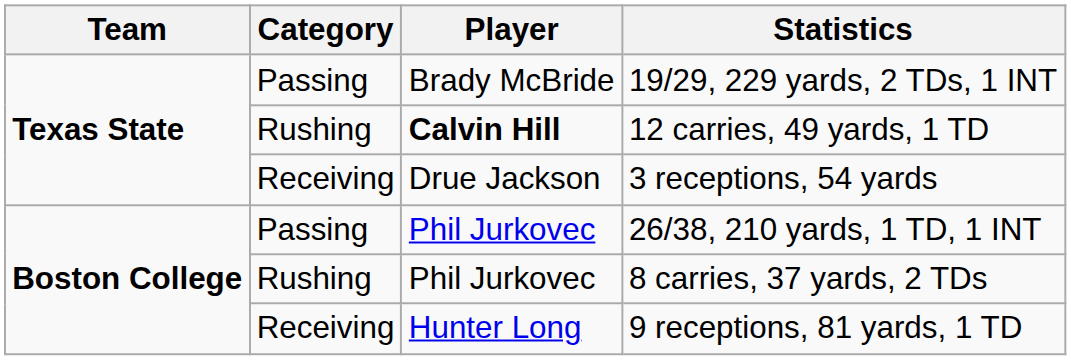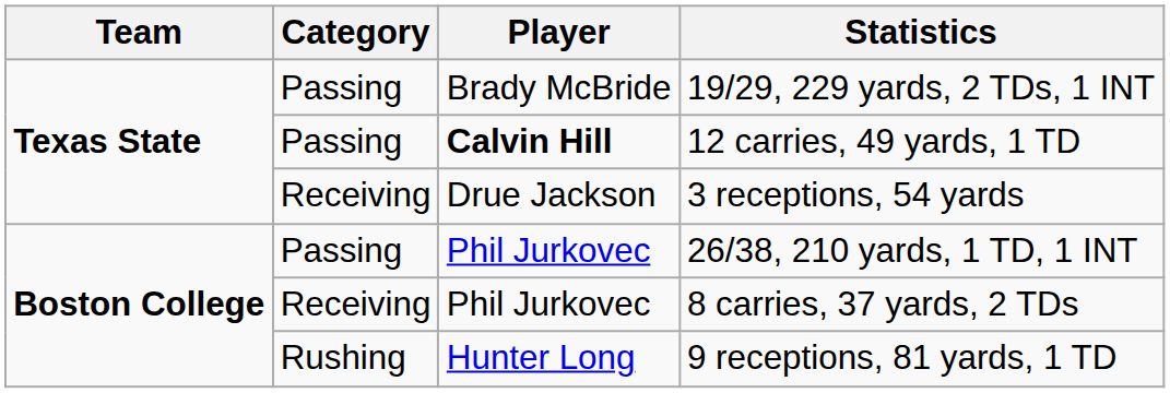 <table class="wikitable" style="float: left;">
 <tr>
 <th>Team</th>
 <th>Category</th>
 <th>Player</th>
 <th>Statistics</th>
 </tr>
 <tr>
 <td rowspan=3><strong>Texas State</strong></td>
 <td>Passing</td>
 <td>Brady McBride</td>
 <td>19/29, 229 yards, 2 TDs, 1 INT</td>
 </tr>
 <tr>
-<td>Rushing</td>
+<td>Passing</td>
 <td><strong>Calvin Hill</strong></td>
 <td>12 carries, 49 yards, 1 TD</td>
 </tr>
 <tr>
 <td>Receiving</td>
 <td>Drue Jackson</td>
 <td>3 receptions, 54 yards</td>
 </tr>
 <tr>
 <td rowspan=3><strong>Boston College</strong></td>
 <td>Passing</td>
 <td><a href='#'>Phil Jurkovec</a></td>
 <td>26/38, 210 yards, 1 TD, 1 INT</td>
 </tr>
 <tr>
-<td>Rushing</td>
+<td>Receiving</td>
 <td>Phil Jurkovec</td>
 <td>8 carries, 37 yards, 2 TDs</td>
 </tr>
 <tr>
-<td>Receiving</td>
+<td>Rushing</td>
 <td><a href='#'>Hunter Long</a></td>
 <td>9 receptions, 81 yards, 1 TD</td>
 </tr>
 </table>
